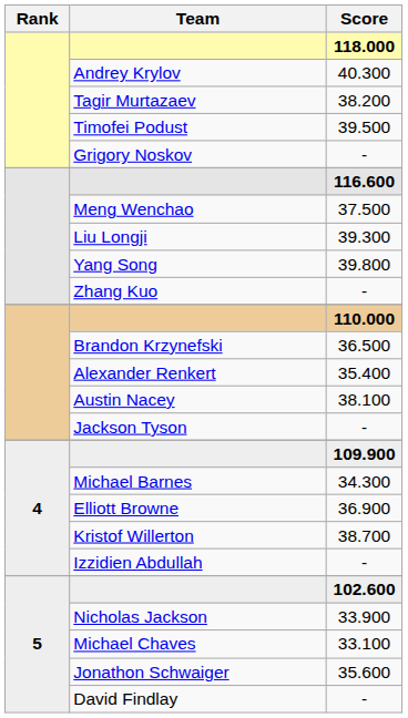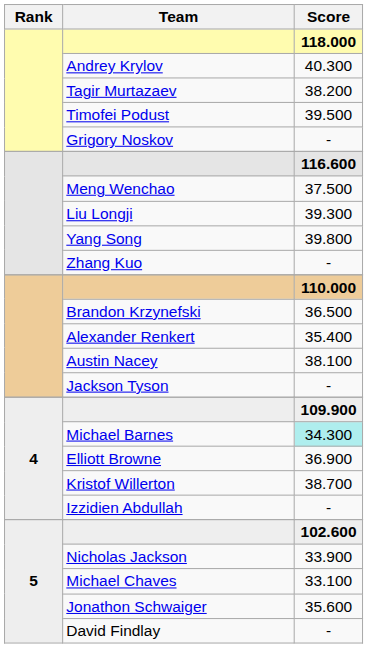 <table class="wikitable" style="text-align:center; font-size:95%">
 <tr>
 <th style="width:50px;">Rank</th>
 <th style="width:220px;">Team</th>
 <th style="width:60px;">Score</th>
 </tr>
 <tr style="background:#fffcaf;">
 <td rowspan=5></td>
 <td style="text-align:left;"><strong></strong></td>
 <td><strong>118.000</strong></td>
 </tr>
 <tr>
 <td style="text-align:left;"><a href='#'>Andrey Krylov</a></td>
 <td>40.300</td>
 </tr>
 <tr>
 <td style="text-align:left;"><a href='#'>Tagir Murtazaev</a></td>
 <td>38.200</td>
 </tr>
 <tr>
 <td style="text-align:left;"><a href='#'>Timofei Podust</a></td>
 <td>39.500</td>
 </tr>
 <tr>
 <td style="text-align:left;"><a href='#'>Grigory Noskov</a></td>
 <td>-</td>
 </tr>
 <tr>
 </tr>
 <tr style="background:#e5e5e5;">
 <td rowspan=5></td>
 <td style="text-align:left;"><strong></strong></td>
 <td><strong>116.600</strong></td>
 </tr>
 <tr>
 <td style="text-align:left;"><a href='#'>Meng Wenchao</a></td>
 <td>37.500</td>
 </tr>
 <tr>
 <td style="text-align:left;"><a href='#'>Liu Longji</a></td>
 <td>39.300</td>
 </tr>
 <tr>
 <td style="text-align:left;"><a href='#'>Yang Song</a></td>
 <td>39.800</td>
 </tr>
 <tr>
 <td style="text-align:left;"><a href='#'>Zhang Kuo</a></td>
 <td>-</td>
 </tr>
 <tr>
 </tr>
 <tr style="background:#ec9;">
 <td rowspan=5></td>
 <td style="text-align:left;"><strong></strong></td>
 <td><strong>110.000</strong></td>
 </tr>
 <tr>
 <td style="text-align:left;"><a href='#'>Brandon Krzynefski</a></td>
 <td>36.500</td>
 </tr>
 <tr>
 <td style="text-align:left;"><a href='#'>Alexander Renkert</a></td>
 <td>35.400</td>
 </tr>
 <tr>
 <td style="text-align:left;"><a href='#'>Austin Nacey</a></td>
 <td>38.100</td>
 </tr>
 <tr>
 <td style="text-align:left;"><a href='#'>Jackson Tyson</a></td>
 <td>-</td>
 </tr>
 <tr>
 </tr>
 <tr style="background:#eee;">
 <td rowspan=5><strong>4</strong></td>
 <td style="text-align:left;"><strong></strong></td>
 <td><strong>109.900</strong></td>
 </tr>
 <tr>
 <td style="text-align:left;"><a href='#'>Michael Barnes</a></td>
-<td>34.300</td>
+<td style="background: paleturquoise;">34.300</td>
 </tr>
 <tr>
 <td style="text-align:left;"><a href='#'>Elliott Browne</a></td>
 <td>36.900</td>
 </tr>
 <tr>
 <td style="text-align:left;"><a href='#'>Kristof Willerton</a></td>
 <td>38.700</td>
 </tr>
 <tr>
 <td style="text-align:left;"><a href='#'>Izzidien Abdullah</a></td>
 <td>-</td>
 </tr>
 <tr>
 </tr>
 <tr style="background:#eee;">
 <td rowspan=5><strong>5</strong></td>
 <td style="text-align:left;"><strong></strong></td>
 <td><strong>102.600</strong></td>
 </tr>
 <tr>
 <td style="text-align:left;"><a href='#'>Nicholas Jackson</a></td>
 <td>33.900</td>
 </tr>
 <tr>
 <td style="text-align:left;"><a href='#'>Michael Chaves</a></td>
 <td>33.100</td>
 </tr>
 <tr>
 <td style="text-align:left;"><a href='#'>Jonathon Schwaiger</a></td>
 <td>35.600</td>
 </tr>
 <tr>
 <td style="text-align:left;">David Findlay</td>
 <td>-</td>
 </tr>
 </table>
